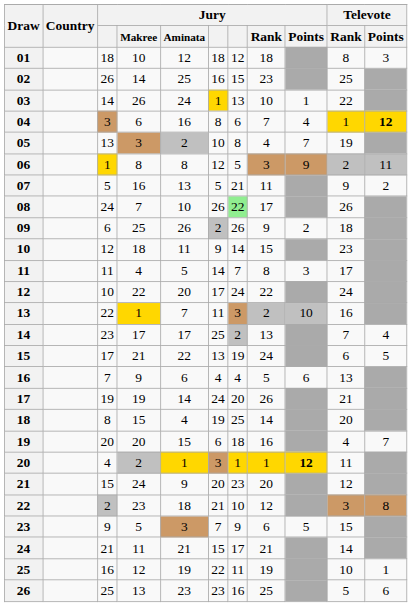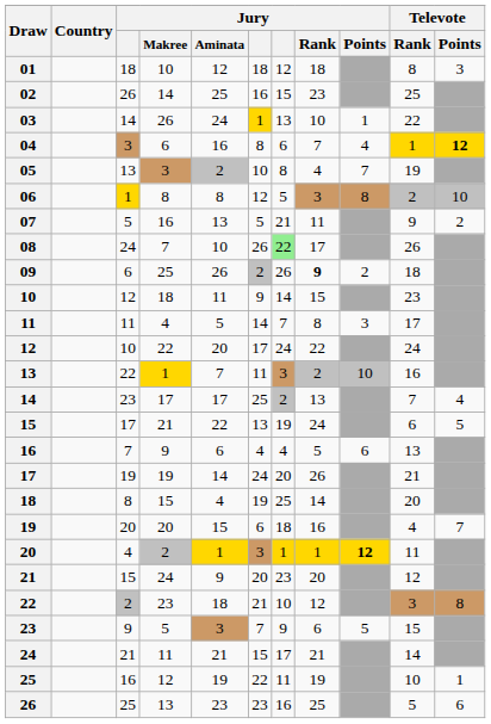 <table class="sortable wikitable collapsible plainrowheaders" style="text-align:center;">
 <tr>
 </tr>
 <tr>
 <th scope="col" rowspan="2">Draw</th>
 <th scope="col" rowspan="2">Country</th>
 <th scope="col" colspan="7">Jury</th>
 <th scope="col" colspan="2">Televote</th>
 </tr>
 <tr>
 <th scope="col"><small></small></th>
 <th scope="col"><small>Makree</small></th>
 <th scope="col"><small>Aminata</small></th>
 <th scope="col"><small></small></th>
 <th scope="col"><small></small></th>
 <th scope="col">Rank</th>
 <th scope="col">Points</th>
 <th scope="col">Rank</th>
 <th scope="col">Points</th>
 </tr>
 <tr>
 <th scope="row" style="text-align:center;">01</th>
 <td style="text-align:left;"></td>
 <td>18</td>
 <td>10</td>
 <td>12</td>
 <td>18</td>
 <td>12</td>
 <td>18</td>
 <td style="background:#AAAAAA;"></td>
 <td>8</td>
 <td>3</td>
 </tr>
 <tr>
 <th scope="row" style="text-align:center;">02</th>
 <td style="text-align:left;"></td>
 <td>26</td>
 <td>14</td>
 <td>25</td>
 <td>16</td>
 <td>15</td>
 <td>23</td>
 <td style="background:#AAAAAA;"></td>
 <td>25</td>
 <td style="background:#AAAAAA;"></td>
 </tr>
 <tr>
 <th scope="row" style="text-align:center;">03</th>
 <td style="text-align:left;"></td>
 <td>14</td>
 <td>26</td>
 <td>24</td>
 <td style="background:gold;">1</td>
 <td>13</td>
 <td>10</td>
 <td>1</td>
 <td>22</td>
 <td style="background:#AAAAAA;"></td>
 </tr>
 <tr>
 <th scope="row" style="text-align:center;">04</th>
 <td style="text-align:left;"></td>
 <td style="background:#CC9966;">3</td>
 <td>6</td>
 <td>16</td>
 <td>8</td>
 <td>6</td>
 <td>7</td>
 <td>4</td>
 <td style="background:gold;">1</td>
 <td style="background:gold;"><strong>12</strong></td>
 </tr>
 <tr>
 <th scope="row" style="text-align:center;">05</th>
 <td style="text-align:left;"></td>
 <td>13</td>
 <td style="background:#CC9966;">3</td>
 <td style="background:silver;">2</td>
 <td>10</td>
 <td>8</td>
 <td>4</td>
 <td>7</td>
 <td>19</td>
 <td style="background:#AAAAAA;"></td>
 </tr>
 <tr>
 <th scope="row" style="text-align:center;">06</th>
 <td style="text-align:left;"></td>
 <td style="background:gold;">1</td>
 <td>8</td>
 <td>8</td>
 <td>12</td>
 <td>5</td>
 <td style="background:#CC9966;">3</td>
-<td style="background:#CC9966;">9</td>
+<td style="background:#CC9966;">8</td>
 <td style="background:silver;">2</td>
-<td style="background:silver;">11</td>
+<td style="background:silver;">10</td>
 </tr>
 <tr>
 <th scope="row" style="text-align:center;">07</th>
 <td style="text-align:left;"></td>
 <td>5</td>
 <td>16</td>
 <td>13</td>
 <td>5</td>
 <td>21</td>
 <td>11</td>
 <td style="background:#AAAAAA;"></td>
 <td>9</td>
 <td>2</td>
 </tr>
 <tr>
 <th scope="row" style="text-align:center;">08</th>
 <td style="text-align:left;"></td>
 <td>24</td>
 <td>7</td>
 <td>10</td>
 <td>26</td>
 <td style="background: lightgreen;">22</td>
 <td>17</td>
 <td style="background:#AAAAAA;"></td>
 <td>26</td>
 <td style="background:#AAAAAA;"></td>
 </tr>
 <tr>
 <th scope="row" style="text-align:center;">09</th>
 <td style="text-align:left;"></td>
 <td>6</td>
 <td>25</td>
 <td>26</td>
 <td style="background:silver;">2</td>
 <td>26</td>
-<td>9</td>
+<td><strong>9</strong></td>
 <td>2</td>
 <td>18</td>
 <td style="background:#AAAAAA;"></td>
 </tr>
 <tr>
 <th scope="row" style="text-align:center;">10</th>
 <td style="text-align:left;"></td>
 <td>12</td>
 <td>18</td>
 <td>11</td>
 <td>9</td>
 <td>14</td>
 <td>15</td>
 <td style="background:#AAAAAA;"></td>
 <td>23</td>
 <td style="background:#AAAAAA;"></td>
 </tr>
 <tr>
 <th scope="row" style="text-align:center;">11</th>
 <td style="text-align:left;"></td>
 <td>11</td>
 <td>4</td>
 <td>5</td>
 <td>14</td>
 <td>7</td>
 <td>8</td>
 <td>3</td>
 <td>17</td>
 <td style="background:#AAAAAA;"></td>
 </tr>
 <tr>
 <th scope="row" style="text-align:center;">12</th>
 <td style="text-align:left;"></td>
 <td>10</td>
 <td>22</td>
 <td>20</td>
 <td>17</td>
 <td>24</td>
 <td>22</td>
 <td style="background:#AAAAAA;"></td>
 <td>24</td>
 <td style="background:#AAAAAA;"></td>
 </tr>
 <tr>
 <th scope="row" style="text-align:center;">13</th>
 <td style="text-align:left;"></td>
 <td>22</td>
 <td style="background:gold;">1</td>
 <td>7</td>
 <td>11</td>
 <td style="background:#CC9966;">3</td>
 <td style="background:silver;">2</td>
 <td style="background:silver;">10</td>
 <td>16</td>
 <td style="background:#AAAAAA;"></td>
 </tr>
 <tr>
 <th scope="row" style="text-align:center;">14</th>
 <td style="text-align:left;"></td>
 <td>23</td>
 <td>17</td>
 <td>17</td>
 <td>25</td>
 <td style="background:silver;">2</td>
 <td>13</td>
 <td style="background:#AAAAAA;"></td>
 <td>7</td>
 <td>4</td>
 </tr>
 <tr>
 <th scope="row" style="text-align:center;">15</th>
 <td style="text-align:left;"></td>
 <td>17</td>
 <td>21</td>
 <td>22</td>
 <td>13</td>
 <td>19</td>
 <td>24</td>
 <td style="background:#AAAAAA;"></td>
 <td>6</td>
 <td>5</td>
 </tr>
 <tr>
 <th scope="row" style="text-align:center;">16</th>
 <td style="text-align:left;"></td>
 <td>7</td>
 <td>9</td>
 <td>6</td>
 <td>4</td>
 <td>4</td>
 <td>5</td>
 <td>6</td>
 <td>13</td>
 <td style="background:#AAAAAA;"></td>
 </tr>
 <tr>
 <th scope="row" style="text-align:center;">17</th>
 <td style="text-align:left;"></td>
 <td>19</td>
 <td>19</td>
 <td>14</td>
 <td>24</td>
 <td>20</td>
 <td>26</td>
 <td style="background:#AAAAAA;"></td>
 <td>21</td>
 <td style="background:#AAAAAA;"></td>
 </tr>
 <tr>
 <th scope="row" style="text-align:center;">18</th>
 <td style="text-align:left;"></td>
 <td>8</td>
 <td>15</td>
 <td>4</td>
 <td>19</td>
 <td>25</td>
 <td>14</td>
 <td style="background:#AAAAAA;"></td>
 <td>20</td>
 <td style="background:#AAAAAA;"></td>
 </tr>
 <tr>
 <th scope="row" style="text-align:center;">19</th>
 <td style="text-align:left;"></td>
 <td>20</td>
 <td>20</td>
 <td>15</td>
 <td>6</td>
 <td>18</td>
 <td>16</td>
 <td style="background:#AAAAAA;"></td>
 <td>4</td>
 <td>7</td>
 </tr>
 <tr>
 <th scope="row" style="text-align:center;">20</th>
 <td style="text-align:left;"></td>
 <td>4</td>
 <td style="background:silver;">2</td>
 <td style="background:gold;">1</td>
 <td style="background:#CC9966;">3</td>
 <td style="background:gold;">1</td>
 <td style="background:gold;">1</td>
 <td style="background:gold;"><strong>12</strong></td>
 <td>11</td>
 <td style="background:#AAAAAA;"></td>
 </tr>
 <tr>
 <th scope="row" style="text-align:center;">21</th>
 <td style="text-align:left;"></td>
 <td>15</td>
 <td>24</td>
 <td>9</td>
 <td>20</td>
 <td>23</td>
 <td>20</td>
 <td style="background:#AAAAAA;"></td>
 <td>12</td>
 <td style="background:#AAAAAA;"></td>
 </tr>
 <tr>
 <th scope="row" style="text-align:center;">22</th>
 <td style="text-align:left;"></td>
 <td style="background:silver;">2</td>
 <td>23</td>
 <td>18</td>
 <td>21</td>
 <td>10</td>
 <td>12</td>
 <td style="background:#AAAAAA;"></td>
 <td style="background:#CC9966;">3</td>
 <td style="background:#CC9966;">8</td>
 </tr>
 <tr>
 <th scope="row" style="text-align:center;">23</th>
 <td style="text-align:left;"></td>
 <td>9</td>
 <td>5</td>
 <td style="background:#CC9966;">3</td>
 <td>7</td>
 <td>9</td>
 <td>6</td>
 <td>5</td>
 <td>15</td>
 <td style="background:#AAAAAA;"></td>
 </tr>
 <tr>
 <th scope="row" style="text-align:center;">24</th>
 <td style="text-align:left;"></td>
 <td>21</td>
 <td>11</td>
 <td>21</td>
 <td>15</td>
 <td>17</td>
 <td>21</td>
 <td style="background:#AAAAAA;"></td>
 <td>14</td>
 <td style="background:#AAAAAA;"></td>
 </tr>
 <tr>
 <th scope="row" style="text-align:center;">25</th>
 <td style="text-align:left;"></td>
 <td>16</td>
 <td>12</td>
 <td>19</td>
 <td>22</td>
 <td>11</td>
 <td>19</td>
 <td style="background:#AAAAAA;"></td>
 <td>10</td>
 <td>1</td>
 </tr>
 <tr>
 <th scope="row" style="text-align:center;">26</th>
 <td style="text-align:left;"></td>
 <td>25</td>
 <td>13</td>
 <td>23</td>
 <td>23</td>
 <td>16</td>
 <td>25</td>
 <td style="background:#AAAAAA;"></td>
 <td>5</td>
 <td>6</td>
 </tr>
 </table>
